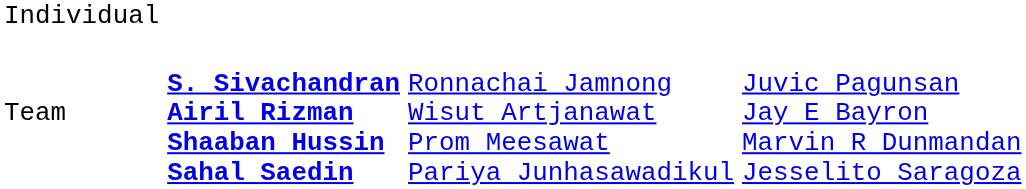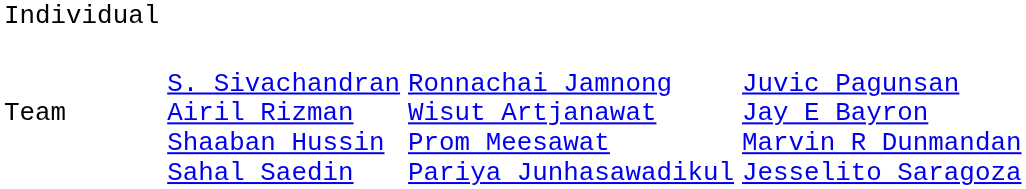 <table>
 <tr>
 <td>Individual</td>
 <td></td>
 <td></td>
 <td></td>
 </tr>
 <tr>
 <td>Team</td>
-<td><strong><br><a href='#'>S. Sivachandran</a><br><a href='#'>Airil Rizman</a><br><a href='#'>Shaaban Hussin</a><br><a href='#'>Sahal Saedin</a></strong></td>
+<td><br><a href='#'>S. Sivachandran</a><br><a href='#'>Airil Rizman</a><br><a href='#'>Shaaban Hussin</a><br><a href='#'>Sahal Saedin</a></td>
 <td><br><a href='#'>Ronnachai Jamnong</a><br><a href='#'>Wisut Artjanawat</a><br><a href='#'>Prom Meesawat</a><br><a href='#'>Pariya Junhasawadikul</a></td>
 <td><br><a href='#'>Juvic Pagunsan</a><br><a href='#'>Jay E Bayron</a><br><a href='#'>Marvin R Dunmandan</a><br><a href='#'>Jesselito Saragoza</a></td>
 </tr>
 </table>
